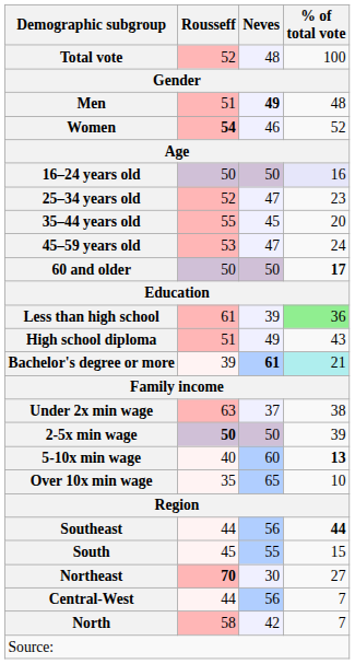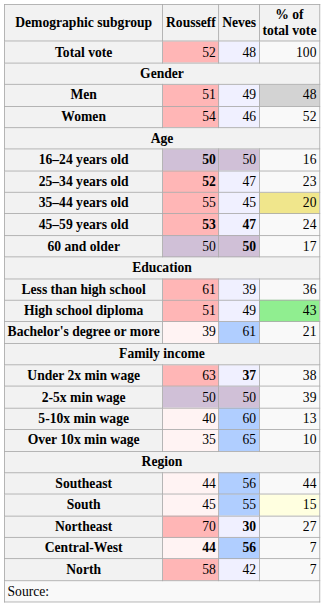 <table class="wikitable plainrowheaders" style="text-align:right;">
 <tr>
 <th scope="col">Demographic subgroup</th>
 <th>Rousseff</th>
 <th>Neves</th>
 <th>% of<br>total vote</th>
 </tr>
 <tr>
 <th scope="row">Total vote</th>
 <td style="background:#ffb6b6;">52</td>
 <td style="background:#f0f0ff;">48</td>
 <td>100</td>
 </tr>
 <tr>
 <th colspan=5>Gender</th>
 </tr>
 <tr>
 <th scope="row">Men</th>
 <td style="background:#ffb6b6;">51</td>
-<td style="background:#f0f0ff;"><strong>49</strong></td>
-<td>48</td>
+<td style="background:#f0f0ff;">49</td>
+<td style="background: lightgrey;">48</td>
 </tr>
 <tr>
 <th scope="row">Women</th>
-<td style="background:#ffb6b6;"><strong>54</strong></td>
+<td style="background:#ffb6b6;">54</td>
 <td style="background:#f0f0ff;">46</td>
 <td>52</td>
 </tr>
 <tr>
 <th colspan=5>Age</th>
 </tr>
 <tr>
 <th scope="row">16–24 years old</th>
+<td style="background:#d0c0d7;"><strong>50</strong></td>
 <td style="background:#d0c0d7;">50</td>
-<td style="background:#d0c0d7;">50</td>
-<td style="background: lavender;">16</td>
+<td>16</td>
 </tr>
 <tr>
 <th scope="row">25–34 years old</th>
-<td style="background:#ffb6b6;">52</td>
+<td style="background:#ffb6b6;"><strong>52</strong></td>
 <td style="background:#f0f0ff;">47</td>
 <td>23</td>
 </tr>
 <tr>
 <th scope="row">35–44 years old</th>
 <td style="background:#ffb6b6;">55</td>
 <td style="background:#f0f0ff;">45</td>
-<td>20</td>
+<td style="background: khaki;">20</td>
 </tr>
 <tr>
 <th scope="row">45–59 years old</th>
-<td style="background:#ffb6b6;">53</td>
-<td style="background:#f0f0ff;">47</td>
+<td style="background:#ffb6b6;"><strong>53</strong></td>
+<td style="background:#f0f0ff;"><strong>47</strong></td>
 <td>24</td>
 </tr>
 <tr>
 <th scope="row">60 and older</th>
 <td style="background:#d0c0d7;">50</td>
-<td style="background:#d0c0d7;">50</td>
-<td><strong>17</strong></td>
+<td style="background:#d0c0d7;"><strong>50</strong></td>
+<td>17</td>
 </tr>
 <tr>
 <th colspan=5>Education</th>
 </tr>
 <tr>
 <th scope="row">Less than high school</th>
 <td style="background:#ffb6b6;">61</td>
 <td style="background:#f0f0ff;">39</td>
-<td style="background: lightgreen;">36</td>
+<td>36</td>
 </tr>
 <tr>
 <th scope="row">High school diploma</th>
 <td style="background:#ffb6b6;">51</td>
 <td style="background:#f0f0ff;">49</td>
-<td>43</td>
+<td style="background: lightgreen;">43</td>
 </tr>
 <tr>
 <th scope="row">Bachelor's degree or more</th>
 <td style="background:#fff3f3;">39</td>
-<td style="background:#b0ceff;"><strong>61</strong></td>
-<td style="background: paleturquoise;">21</td>
+<td style="background:#b0ceff;">61</td>
+<td>21</td>
 </tr>
 <tr>
 <th colspan=5>Family income</th>
 </tr>
 <tr>
 <th scope="row">Under 2x min wage</th>
 <td style="background:#ffb6b6;">63</td>
-<td style="background:#f0f0ff;">37</td>
+<td style="background:#f0f0ff;"><strong>37</strong></td>
 <td>38</td>
 </tr>
 <tr>
 <th scope="row">2-5x min wage</th>
-<td style="background:#d0c0d7;"><strong>50</strong></td>
+<td style="background:#d0c0d7;">50</td>
 <td style="background:#d0c0d7;">50</td>
 <td>39</td>
 </tr>
 <tr>
 <th scope="row">5-10x min wage</th>
 <td style="background:#fff3f3;">40</td>
 <td style="background:#b0ceff;">60</td>
-<td><strong>13</strong></td>
+<td>13</td>
 </tr>
 <tr>
 <th scope="row">Over 10x min wage</th>
 <td style="background:#fff3f3;">35</td>
 <td style="background:#b0ceff;">65</td>
 <td>10</td>
 </tr>
 <tr>
 <th colspan=5>Region</th>
 </tr>
 <tr>
 <th scope="row">Southeast</th>
 <td style="background:#fff3f3;">44</td>
 <td style="background:#b0ceff;">56</td>
-<td><strong>44</strong></td>
+<td>44</td>
 </tr>
 <tr>
 <th scope="row">South</th>
 <td style="background:#fff3f3;">45</td>
 <td style="background:#b0ceff;">55</td>
-<td>15</td>
+<td style="background: lightyellow;">15</td>
 </tr>
 <tr>
 <th scope="row">Northeast</th>
-<td style="background:#ffb6b6;"><strong>70</strong></td>
-<td style="background:#f0f0ff;">30</td>
+<td style="background:#ffb6b6;">70</td>
+<td style="background:#f0f0ff;"><strong>30</strong></td>
 <td>27</td>
 </tr>
 <tr>
 <th scope="row">Central-West</th>
-<td style="background:#fff3f3;">44</td>
-<td style="background:#b0ceff;">56</td>
+<td style="background:#fff3f3;"><strong>44</strong></td>
+<td style="background:#b0ceff;"><strong>56</strong></td>
 <td>7</td>
 </tr>
 <tr>
 <th scope="row">North</th>
 <td style="background:#ffb6b6;">58</td>
 <td style="background:#f0f0ff;">42</td>
 <td>7</td>
 </tr>
 <tr>
 <td align=left colspan=4>Source: </td>
 </tr>
 </table>
